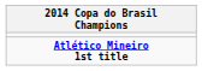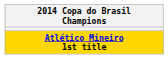 <table class="wikitable" style="text-align: center; margin: 0 auto; width: 20%">
 <tr>
 <th>2014 Copa do Brasil<br>Champions</th>
 </tr>
 <tr>
 <td></td>
 </tr>
 <tr>
-<td><strong><a href='#'>Atlético Mineiro</a></strong><br><strong>1st title</strong></td>
+<td style="background: gold;"><strong><a href='#'>Atlético Mineiro</a></strong><br><strong>1st title</strong></td>
 </tr>
 </table>
